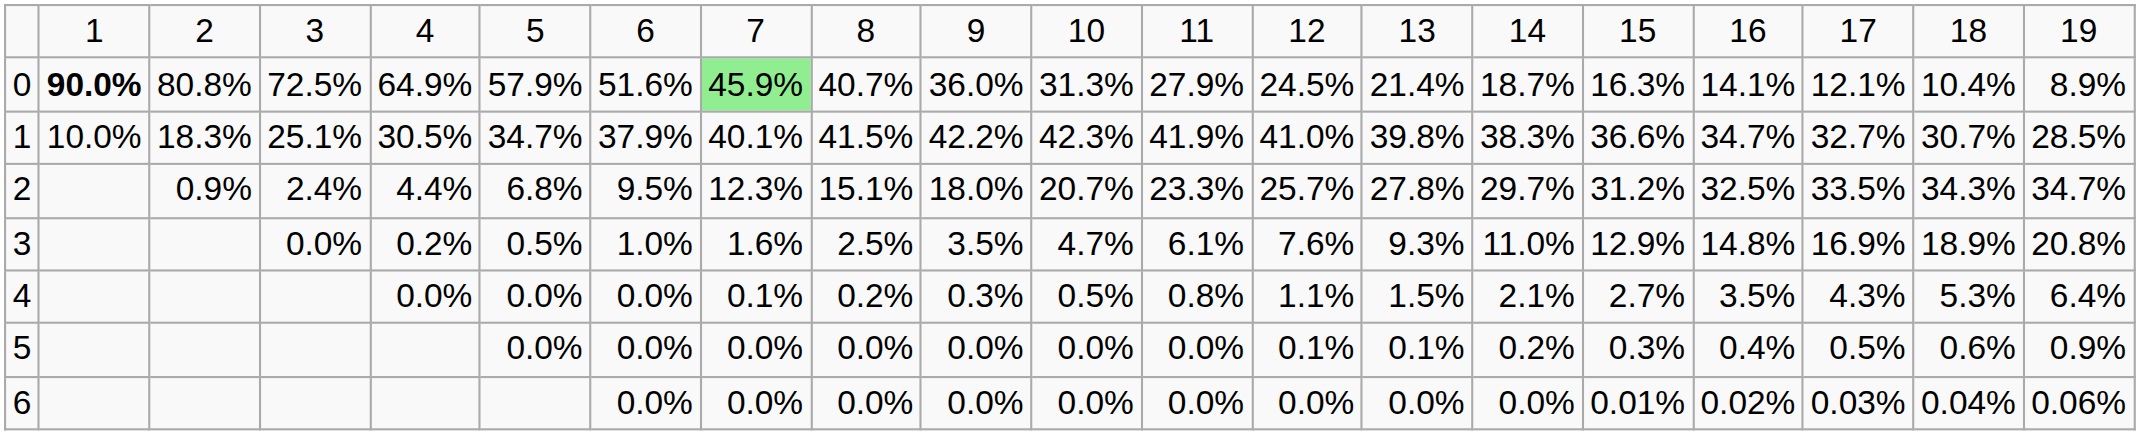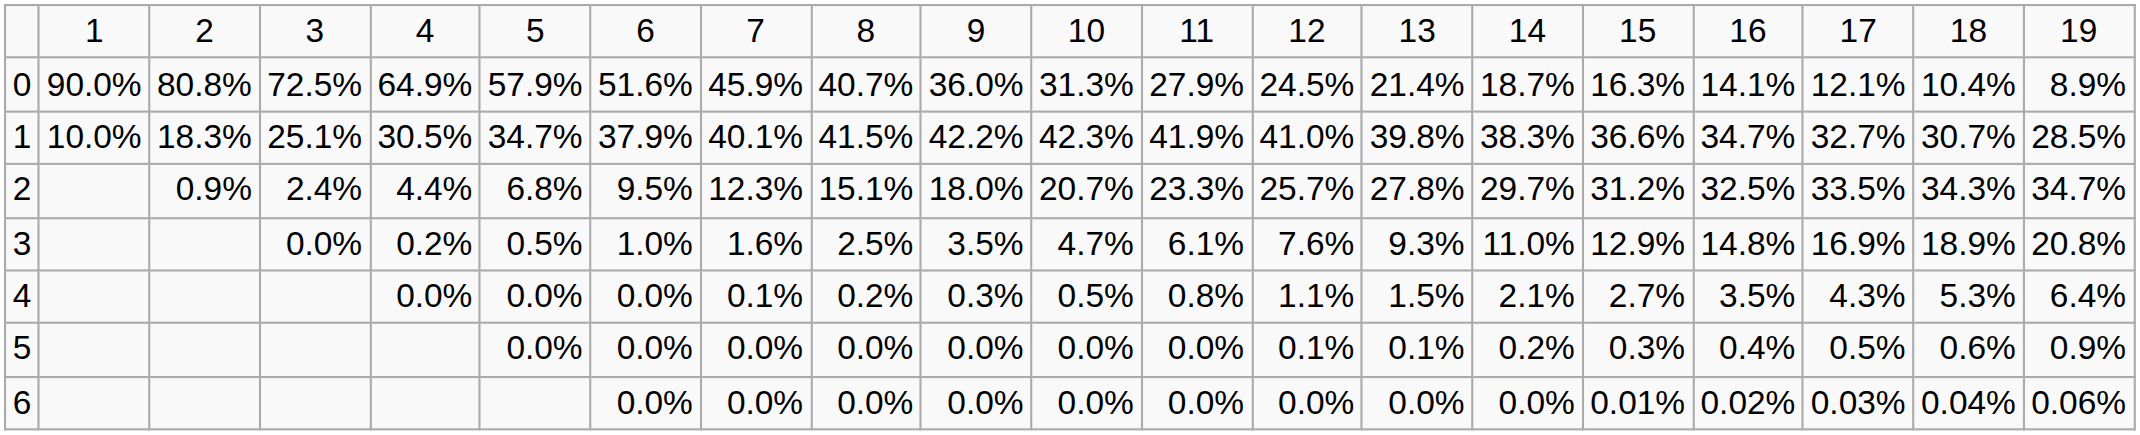 <table class="wikitable" style="text-align:right">
 <tr>
 <td></td>
 <td align="center">1</td>
 <td align="center">2</td>
 <td align="center">3</td>
 <td align="center">4</td>
 <td align="center">5</td>
 <td align="center">6</td>
 <td align="center">7</td>
 <td align="center">8</td>
 <td align="center">9</td>
 <td align="center">10</td>
 <td align="center">11</td>
 <td align="center">12</td>
 <td align="center">13</td>
 <td align="center">14</td>
 <td align="center">15</td>
 <td align="center">16</td>
 <td align="center">17</td>
 <td align="center">18</td>
 <td align="center">19</td>
 </tr>
 <tr>
 <td>0</td>
-<td><strong>90.0%</strong></td>
+<td>90.0%</td>
 <td>80.8%</td>
 <td>72.5%</td>
 <td>64.9%</td>
 <td>57.9%</td>
 <td>51.6%</td>
-<td style="background: lightgreen;">45.9%</td>
+<td>45.9%</td>
 <td>40.7%</td>
 <td>36.0%</td>
 <td>31.3%</td>
 <td>27.9%</td>
 <td>24.5%</td>
 <td>21.4%</td>
 <td>18.7%</td>
 <td>16.3%</td>
 <td>14.1%</td>
 <td>12.1%</td>
 <td>10.4%</td>
 <td>8.9%</td>
 </tr>
 <tr>
 <td>1</td>
 <td>10.0%</td>
 <td>18.3%</td>
 <td>25.1%</td>
 <td>30.5%</td>
 <td>34.7%</td>
 <td>37.9%</td>
 <td>40.1%</td>
 <td>41.5%</td>
 <td>42.2%</td>
 <td>42.3%</td>
 <td>41.9%</td>
 <td>41.0%</td>
 <td>39.8%</td>
 <td>38.3%</td>
 <td>36.6%</td>
 <td>34.7%</td>
 <td>32.7%</td>
 <td>30.7%</td>
 <td>28.5%</td>
 </tr>
 <tr>
 <td>2</td>
 <td></td>
 <td>0.9%</td>
 <td>2.4%</td>
 <td>4.4%</td>
 <td>6.8%</td>
 <td>9.5%</td>
 <td>12.3%</td>
 <td>15.1%</td>
 <td>18.0%</td>
 <td>20.7%</td>
 <td>23.3%</td>
 <td>25.7%</td>
 <td>27.8%</td>
 <td>29.7%</td>
 <td>31.2%</td>
 <td>32.5%</td>
 <td>33.5%</td>
 <td>34.3%</td>
 <td>34.7%</td>
 </tr>
 <tr>
 <td>3</td>
 <td></td>
 <td></td>
 <td>0.0%</td>
 <td>0.2%</td>
 <td>0.5%</td>
 <td>1.0%</td>
 <td>1.6%</td>
 <td>2.5%</td>
 <td>3.5%</td>
 <td>4.7%</td>
 <td>6.1%</td>
 <td>7.6%</td>
 <td>9.3%</td>
 <td>11.0%</td>
 <td>12.9%</td>
 <td>14.8%</td>
 <td>16.9%</td>
 <td>18.9%</td>
 <td>20.8%</td>
 </tr>
 <tr>
 <td>4</td>
 <td></td>
 <td></td>
 <td></td>
 <td>0.0%</td>
 <td>0.0%</td>
 <td>0.0%</td>
 <td>0.1%</td>
 <td>0.2%</td>
 <td>0.3%</td>
 <td>0.5%</td>
 <td>0.8%</td>
 <td>1.1%</td>
 <td>1.5%</td>
 <td>2.1%</td>
 <td>2.7%</td>
 <td>3.5%</td>
 <td>4.3%</td>
 <td>5.3%</td>
 <td>6.4%</td>
 </tr>
 <tr>
 <td>5</td>
 <td></td>
 <td></td>
 <td></td>
 <td></td>
 <td>0.0%</td>
 <td>0.0%</td>
 <td>0.0%</td>
 <td>0.0%</td>
 <td>0.0%</td>
 <td>0.0%</td>
 <td>0.0%</td>
 <td>0.1%</td>
 <td>0.1%</td>
 <td>0.2%</td>
 <td>0.3%</td>
 <td>0.4%</td>
 <td>0.5%</td>
 <td>0.6%</td>
 <td>0.9%</td>
 </tr>
 <tr>
 <td>6</td>
 <td></td>
 <td></td>
 <td></td>
 <td></td>
 <td></td>
 <td>0.0%</td>
 <td>0.0%</td>
 <td>0.0%</td>
 <td>0.0%</td>
 <td>0.0%</td>
 <td>0.0%</td>
 <td>0.0%</td>
 <td>0.0%</td>
 <td>0.0%</td>
 <td>0.01%</td>
 <td>0.02%</td>
 <td>0.03%</td>
 <td>0.04%</td>
 <td>0.06%</td>
 </tr>
 </table>
